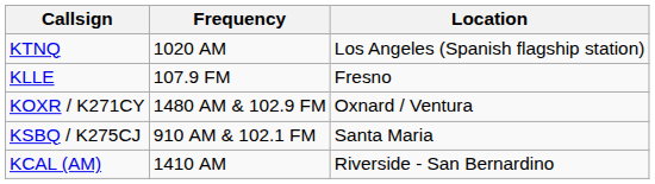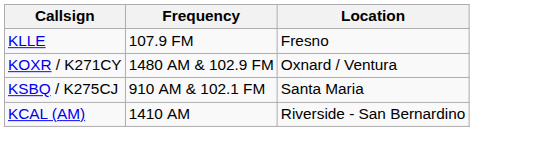 <table class="wikitable">
 <tr>
 <th>Callsign</th>
 <th>Frequency</th>
 <th>Location</th>
-</tr>
-<tr>
-<td><a href='#'>KTNQ</a></td>
-<td>1020 AM</td>
-<td>Los Angeles (Spanish flagship station)</td>
 </tr>
 <tr>
 <td><a href='#'>KLLE</a></td>
 <td>107.9 FM</td>
 <td>Fresno</td>
 </tr>
 <tr>
 <td><a href='#'>KOXR</a> / K271CY</td>
 <td>1480 AM & 102.9 FM</td>
 <td>Oxnard / Ventura</td>
 </tr>
 <tr>
 <td><a href='#'>KSBQ</a> / K275CJ</td>
 <td>910 AM & 102.1 FM</td>
 <td>Santa Maria</td>
 </tr>
 <tr>
 <td><a href='#'>KCAL (AM)</a></td>
 <td>1410 AM</td>
 <td>Riverside - San Bernardino</td>
 </tr>
 </table>
